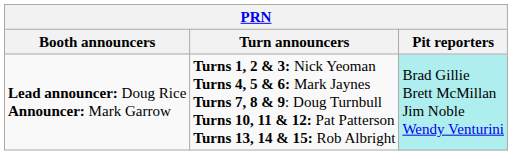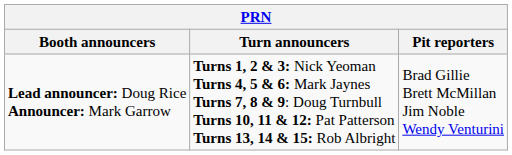 <table class="wikitable" style="font-size: 95%">
 <tr>
 <th colspan="3"><a href='#'>PRN</a></th>
 </tr>
 <tr>
 <th>Booth announcers</th>
 <th>Turn announcers</th>
 <th>Pit reporters</th>
 </tr>
 <tr>
 <td><strong>Lead announcer:</strong> Doug Rice<br><strong>Announcer:</strong> Mark Garrow</td>
 <td><strong>Turns 1, 2 & 3:</strong> Nick Yeoman<br><strong>Turns 4, 5 & 6:</strong> Mark Jaynes<br><strong>Turns 7, 8 & 9</strong>: Doug Turnbull<br><strong>Turns 10, 11 & 12:</strong> Pat Patterson<br><strong>Turns 13, 14 & 15:</strong> Rob Albright</td>
-<td style="background: paleturquoise;">Brad Gillie<br>Brett McMillan<br>Jim Noble<br><a href='#'>Wendy Venturini</a></td>
+<td>Brad Gillie<br>Brett McMillan<br>Jim Noble<br><a href='#'>Wendy Venturini</a></td>
 </tr>
 </table>
